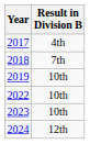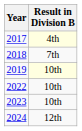 <table class="wikitable" style="text-align:center">
 <tr>
 <th>Year</th>
 <th>Result in<br>Division B</th>
 </tr>
 <tr>
 <td><a href='#'>2017</a></td>
-<td>4th</td>
+<td style="background: lightyellow;">4th</td>
 </tr>
 <tr>
 <td><a href='#'>2018</a></td>
 <td>7th</td>
 </tr>
 <tr>
 <td><a href='#'>2019</a></td>
-<td>10th</td>
+<td style="background: lightyellow;">10th</td>
 </tr>
 <tr>
 <td><a href='#'>2022</a></td>
 <td>10th</td>
 </tr>
 <tr>
 <td><a href='#'>2023</a></td>
 <td>10th</td>
 </tr>
 <tr>
 <td><a href='#'>2024</a></td>
 <td>12th</td>
 </tr>
 </table>
